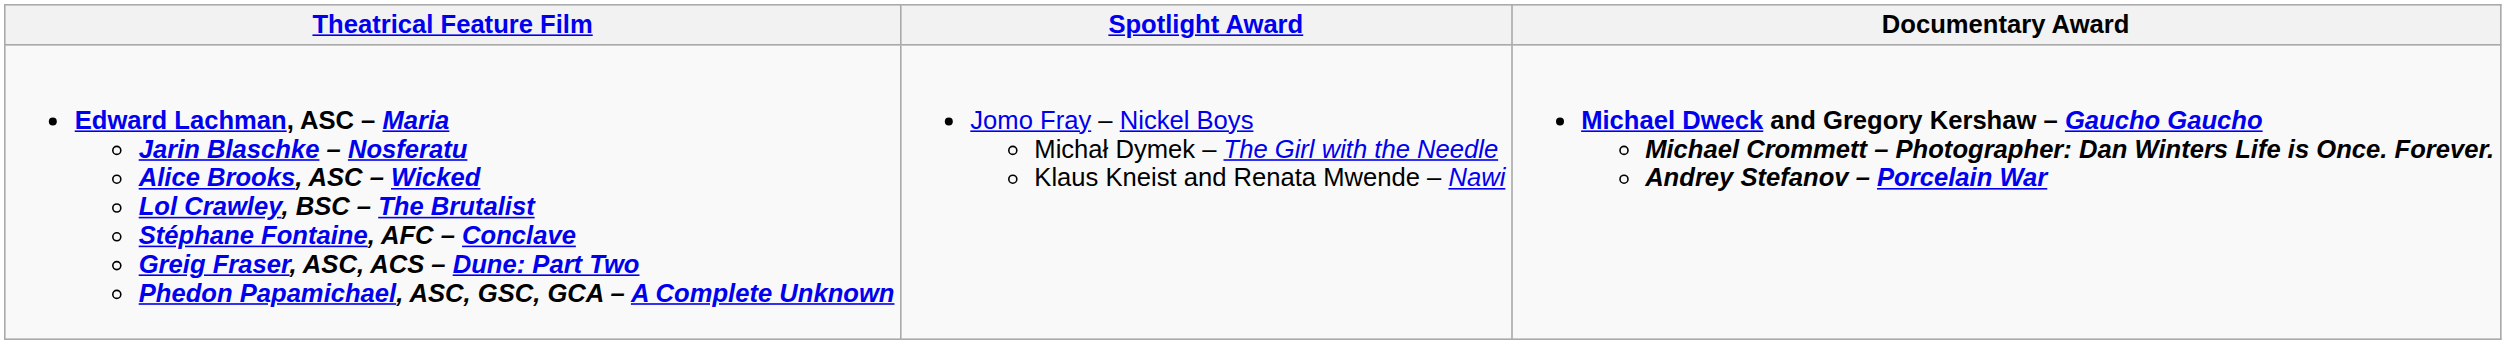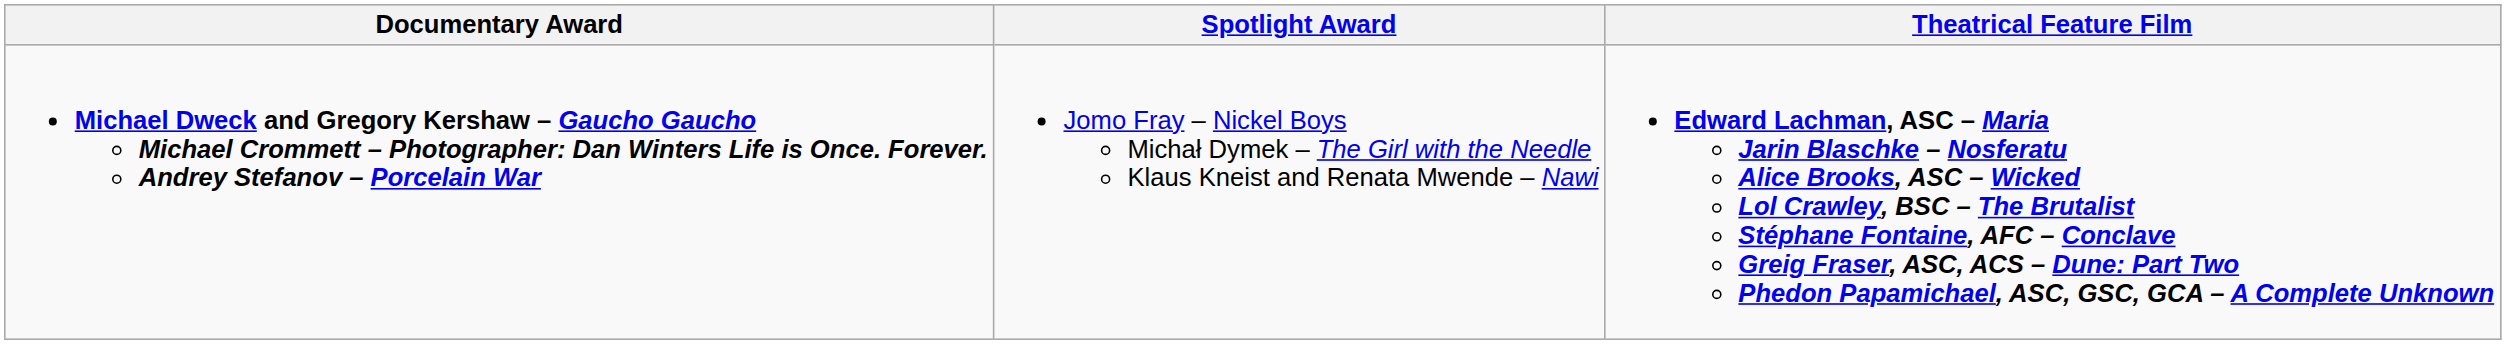 <table class="wikitable" style="width=100%">
 <tr>
+<th style="width=33%">Documentary Award</th>
+<th style="width=33%"><a href='#'>Spotlight Award</a></th>
 <th style="width=33%"><a href='#'>Theatrical Feature Film</a></th>
-<th style="width=33%"><a href='#'>Spotlight Award</a></th>
-<th style="width=33%">Documentary Award</th>
 </tr>
 <tr>
+<td valign="top"><br><ul><li><strong><a href='#'>Michael Dweck</a> and Gregory Kershaw – <em><a href='#'>Gaucho Gaucho</a><strong><em><ul><li>Michael Crommett – </em>Photographer: Dan Winters Life is Once. Forever.<em></li><li>Andrey Stefanov – </em><a href='#'>Porcelain War</a><em></li></ul></li></ul></td>
+<td valign="top"><br><ul><li></strong><a href='#'>Jomo Fray</a> – </em><a href='#'>Nickel Boys</a></em></strong><ul><li>Michał Dymek – <em><a href='#'>The Girl with the Needle</a></em></li><li>Klaus Kneist and Renata Mwende – <em><a href='#'>Nawi</a></em></li></ul></li></ul></td>
 <td valign="top"><br><ul><li><strong><a href='#'>Edward Lachman</a>, ASC – <em><a href='#'>Maria</a><strong><em><ul><li><a href='#'>Jarin Blaschke</a> – </em><a href='#'>Nosferatu</a><em></li><li><a href='#'>Alice Brooks</a>, ASC – </em><a href='#'>Wicked</a><em></li><li><a href='#'>Lol Crawley</a>, BSC – </em><a href='#'>The Brutalist</a><em></li><li><a href='#'>Stéphane Fontaine</a>, AFC – </em><a href='#'>Conclave</a><em></li><li><a href='#'>Greig Fraser</a>, ASC, ACS – </em><a href='#'>Dune: Part Two</a><em></li><li><a href='#'>Phedon Papamichael</a>, ASC, GSC, GCA – </em><a href='#'>A Complete Unknown</a><em></li></ul></li></ul></td>
-<td valign="top"><br><ul><li></strong><a href='#'>Jomo Fray</a> – </em><a href='#'>Nickel Boys</a></em></strong><ul><li>Michał Dymek – <em><a href='#'>The Girl with the Needle</a></em></li><li>Klaus Kneist and Renata Mwende – <em><a href='#'>Nawi</a></em></li></ul></li></ul></td>
-<td valign="top"><br><ul><li><strong><a href='#'>Michael Dweck</a> and Gregory Kershaw – <em><a href='#'>Gaucho Gaucho</a><strong><em><ul><li>Michael Crommett – </em>Photographer: Dan Winters Life is Once. Forever.<em></li><li>Andrey Stefanov – </em><a href='#'>Porcelain War</a><em></li></ul></li></ul></td>
 </tr>
 </table>
